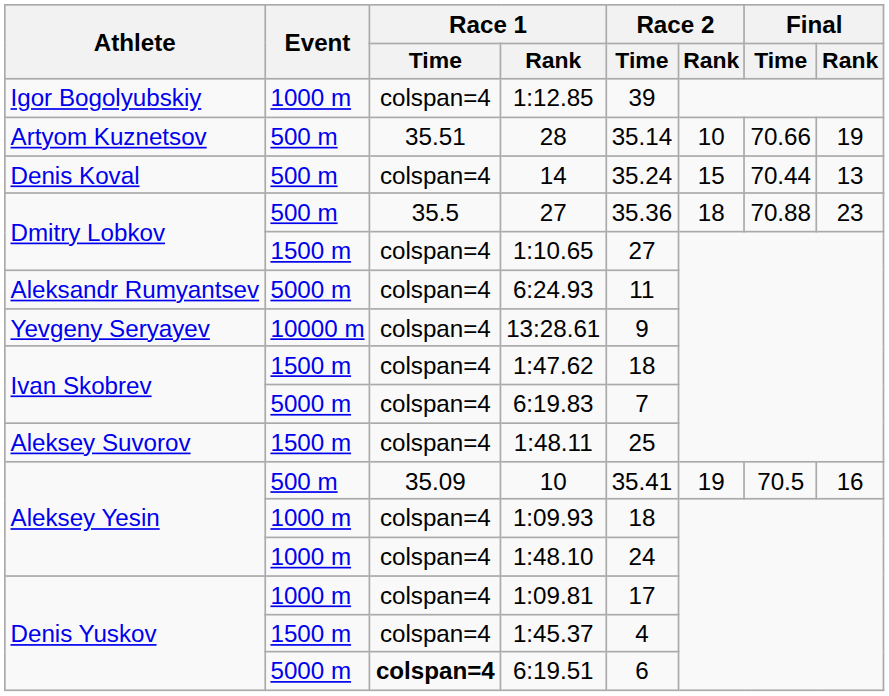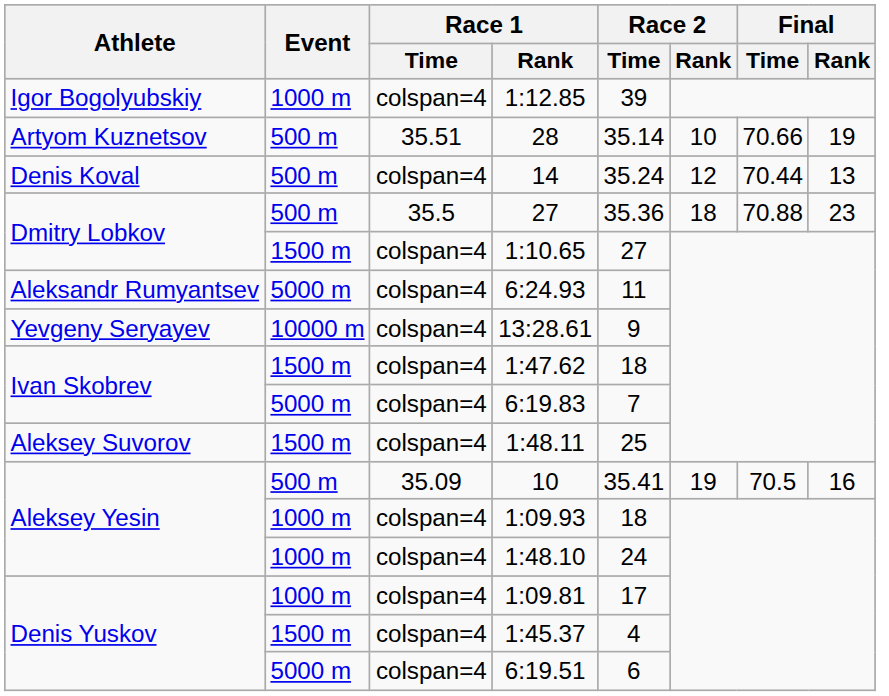 <table class="wikitable" style="font-size:90%">
 <tr>
 <th rowspan=2>Athlete</th>
 <th rowspan=2>Event</th>
 <th colspan=2>Race 1</th>
 <th colspan=2>Race 2</th>
 <th colspan=2>Final</th>
 </tr>
 <tr style="font-size:95%">
 <th>Time</th>
 <th>Rank</th>
 <th>Time</th>
 <th>Rank</th>
 <th>Time</th>
 <th>Rank</th>
 </tr>
 <tr align=center>
 <td align=left><a href='#'>Igor Bogolyubskiy</a></td>
 <td align=left><a href='#'>1000 m</a></td>
 <td>colspan=4 </td>
 <td>1:12.85</td>
 <td>39</td>
 </tr>
 <tr align=center>
 <td align=left><a href='#'>Artyom Kuznetsov</a></td>
 <td align=left><a href='#'>500 m</a></td>
 <td>35.51</td>
 <td>28</td>
 <td>35.14</td>
 <td>10</td>
 <td>70.66</td>
 <td>19</td>
 </tr>
 <tr align=center>
 <td align=left><a href='#'>Denis Koval</a></td>
 <td align=left><a href='#'>500 m</a></td>
 <td>colspan=4 </td>
 <td>14</td>
 <td>35.24</td>
-<td>15</td>
+<td>12</td>
 <td>70.44</td>
 <td>13</td>
 </tr>
 <tr align=center>
 <td align=left rowspan=2><a href='#'>Dmitry Lobkov</a></td>
 <td align=left><a href='#'>500 m</a></td>
 <td>35.5</td>
 <td>27</td>
 <td>35.36</td>
 <td>18</td>
 <td>70.88</td>
 <td>23</td>
 </tr>
 <tr align=center>
 <td align=left><a href='#'>1500 m</a></td>
 <td>colspan=4 </td>
 <td>1:10.65</td>
 <td>27</td>
 </tr>
 <tr align=center>
 <td align=left><a href='#'>Aleksandr Rumyantsev</a></td>
 <td align=left><a href='#'>5000 m</a></td>
 <td>colspan=4 </td>
 <td>6:24.93</td>
 <td>11</td>
 </tr>
 <tr align=center>
 <td align=left><a href='#'>Yevgeny Seryayev</a></td>
 <td align=left><a href='#'>10000 m</a></td>
 <td>colspan=4 </td>
 <td>13:28.61</td>
 <td>9</td>
 </tr>
 <tr align=center>
 <td align=left rowspan=2><a href='#'>Ivan Skobrev</a></td>
 <td align=left><a href='#'>1500 m</a></td>
 <td>colspan=4 </td>
 <td>1:47.62</td>
 <td>18</td>
 </tr>
 <tr align=center>
 <td align=left><a href='#'>5000 m</a></td>
 <td>colspan=4 </td>
 <td>6:19.83</td>
 <td>7</td>
 </tr>
 <tr align=center>
 <td align=left><a href='#'>Aleksey Suvorov</a></td>
 <td align=left><a href='#'>1500 m</a></td>
 <td>colspan=4 </td>
 <td>1:48.11</td>
 <td>25</td>
 </tr>
 <tr align=center>
 <td align=left rowspan=3><a href='#'>Aleksey Yesin</a></td>
 <td align=left><a href='#'>500 m</a></td>
 <td>35.09</td>
 <td>10</td>
 <td>35.41</td>
 <td>19</td>
 <td>70.5</td>
 <td>16</td>
 </tr>
 <tr align=center>
 <td align=left><a href='#'>1000 m</a></td>
 <td>colspan=4 </td>
 <td>1:09.93</td>
 <td>18</td>
 </tr>
 <tr align=center>
 <td align=left><a href='#'>1000 m</a></td>
 <td>colspan=4 </td>
 <td>1:48.10</td>
 <td>24</td>
 </tr>
 <tr align=center>
 <td align=left rowspan=3><a href='#'>Denis Yuskov</a></td>
 <td align=left><a href='#'>1000 m</a></td>
 <td>colspan=4 </td>
 <td>1:09.81</td>
 <td>17</td>
 </tr>
 <tr align=center>
 <td align=left><a href='#'>1500 m</a></td>
 <td>colspan=4 </td>
 <td>1:45.37</td>
 <td>4</td>
 </tr>
 <tr align=center>
 <td align=left><a href='#'>5000 m</a></td>
-<td><strong>colspan=4 </strong></td>
+<td>colspan=4 </td>
 <td>6:19.51</td>
 <td>6</td>
 </tr>
 </table>
